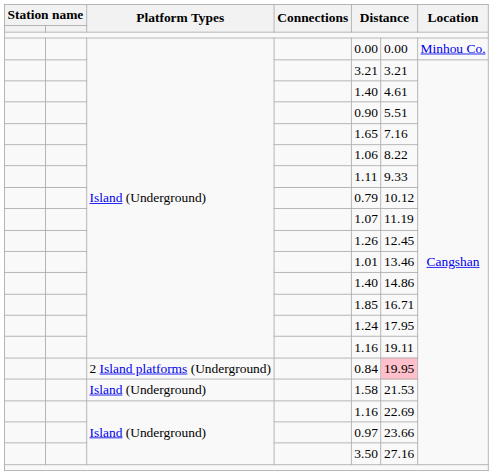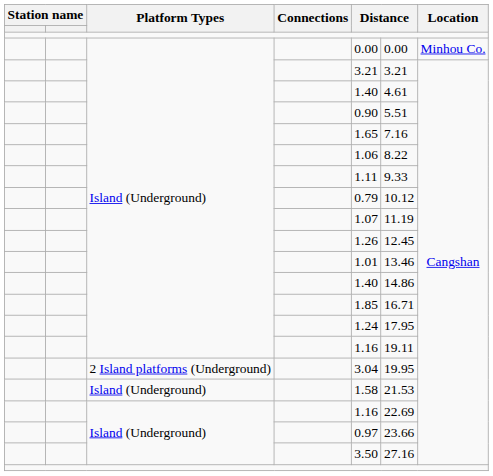 <table class="wikitable">
 <tr>
 <th colspan="2">Station name</th>
 <th rowspan="2">Platform Types</th>
 <th rowspan="2">Connections</th>
 <th colspan="2" rowspan="2">Distance<br></th>
 <th rowspan="2">Location</th>
 </tr>
 <tr>
 <th></th>
 <th></th>
 </tr>
 <tr style="background:#">
 <td colspan="7"></td>
 </tr>
 <tr>
 <td></td>
 <td></td>
 <td rowspan="15"><a href='#'>Island</a> (Underground)</td>
 <td></td>
 <td>0.00</td>
 <td>0.00</td>
 <td align=center><a href='#'>Minhou Co.</a></td>
 </tr>
 <tr>
 <td></td>
 <td></td>
 <td></td>
 <td>3.21</td>
 <td>3.21</td>
 <td rowspan="19" align=center><a href='#'>Cangshan</a></td>
 </tr>
 <tr>
 <td></td>
 <td></td>
 <td></td>
 <td>1.40</td>
 <td>4.61</td>
 </tr>
 <tr>
 <td></td>
 <td></td>
 <td></td>
 <td>0.90</td>
 <td>5.51</td>
 </tr>
 <tr>
 <td></td>
 <td></td>
 <td></td>
 <td>1.65</td>
 <td>7.16</td>
 </tr>
 <tr>
 <td></td>
 <td></td>
 <td></td>
 <td>1.06</td>
 <td>8.22</td>
 </tr>
 <tr>
 <td></td>
 <td></td>
 <td></td>
 <td>1.11</td>
 <td>9.33</td>
 </tr>
 <tr>
 <td></td>
 <td></td>
 <td></td>
 <td>0.79</td>
 <td>10.12</td>
 </tr>
 <tr>
 <td></td>
 <td></td>
 <td></td>
 <td>1.07</td>
 <td>11.19</td>
 </tr>
 <tr>
 <td></td>
 <td></td>
 <td></td>
 <td>1.26</td>
 <td>12.45</td>
 </tr>
 <tr>
 <td></td>
 <td></td>
 <td></td>
 <td>1.01</td>
 <td>13.46</td>
 </tr>
 <tr>
 <td></td>
 <td></td>
 <td></td>
 <td>1.40</td>
 <td>14.86</td>
 </tr>
 <tr>
 <td></td>
 <td></td>
 <td></td>
 <td>1.85</td>
 <td>16.71</td>
 </tr>
 <tr>
 <td></td>
 <td></td>
 <td></td>
 <td>1.24</td>
 <td>17.95</td>
 </tr>
 <tr>
 <td></td>
 <td></td>
 <td></td>
 <td>1.16</td>
 <td>19.11</td>
 </tr>
 <tr>
 <td></td>
 <td></td>
 <td>2 <a href='#'>Island platforms</a> (Underground)</td>
 <td> </td>
-<td>0.84</td>
-<td style="background: pink;">19.95</td>
+<td>3.04</td>
+<td>19.95</td>
 </tr>
 <tr>
 <td></td>
 <td></td>
 <td><a href='#'>Island</a> (Underground)</td>
 <td></td>
 <td>1.58</td>
 <td>21.53</td>
 </tr>
 <tr>
 <td></td>
 <td></td>
 <td rowspan="3"><a href='#'>Island</a> (Underground)</td>
 <td></td>
 <td>1.16</td>
 <td>22.69</td>
 </tr>
 <tr>
 <td></td>
 <td></td>
 <td></td>
 <td>0.97</td>
 <td>23.66</td>
 </tr>
 <tr>
 <td></td>
 <td></td>
 <td></td>
 <td>3.50</td>
 <td>27.16</td>
 </tr>
 <tr style="background:#">
 <td colspan="7"></td>
 </tr>
 </table>
